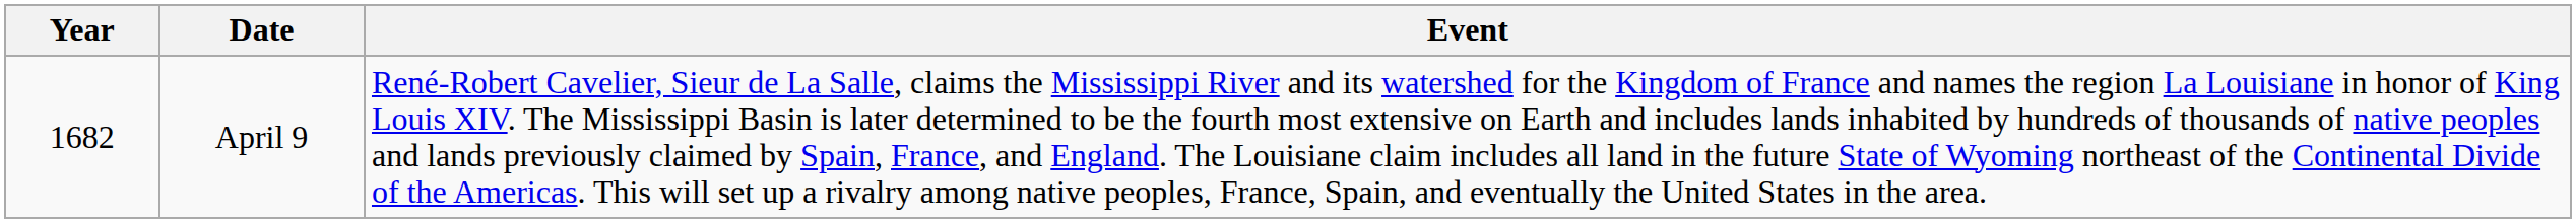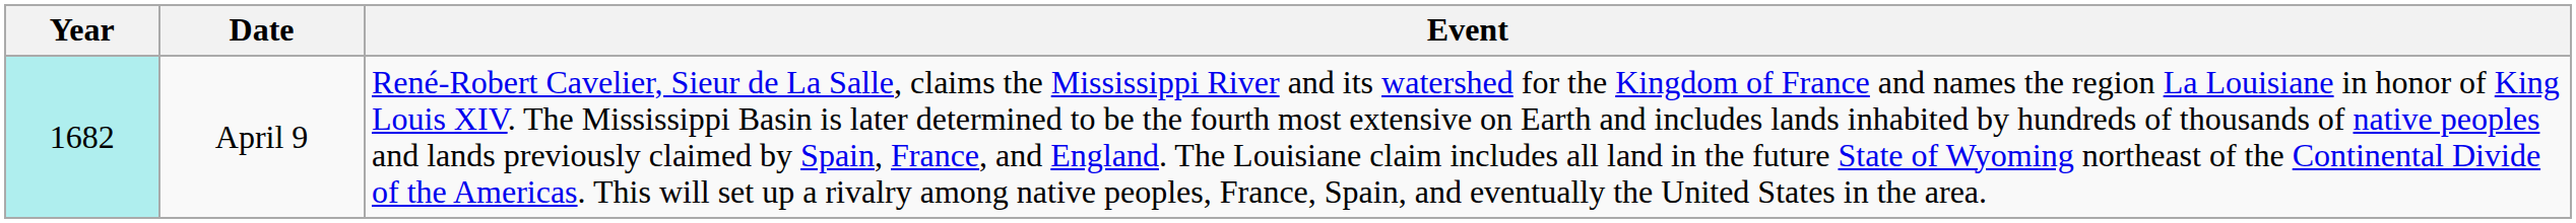 <table class="wikitable" style="width:100%;">
 <tr>
 <th style="width:6%">Year</th>
 <th style="width:8%">Date</th>
 <th style="width:86%">Event</th>
 </tr>
 <tr>
-<td align=center>1682</td>
+<td align=center style="background: paleturquoise;">1682</td>
 <td align=center>April 9</td>
 <td><a href='#'>René-Robert Cavelier, Sieur de La Salle</a>, claims the <a href='#'>Mississippi River</a> and its <a href='#'>watershed</a> for the <a href='#'>Kingdom of France</a> and names the region <a href='#'>La Louisiane</a> in honor of <a href='#'>King Louis XIV</a>.  The Mississippi Basin is later determined to be the fourth most extensive on Earth and includes lands inhabited by hundreds of thousands of <a href='#'>native peoples</a> and lands previously claimed by <a href='#'>Spain</a>, <a href='#'>France</a>, and <a href='#'>England</a>.  The Louisiane claim includes all land in the future <a href='#'>State of Wyoming</a> northeast of the <a href='#'>Continental Divide of the Americas</a>. This will set up a rivalry among native peoples, France, Spain, and eventually the United States in the area.</td>
 </tr>
 </table>
